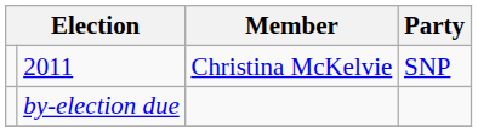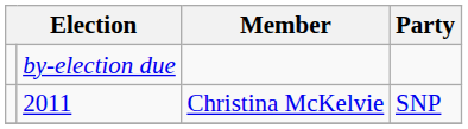 <table class="wikitable">
 <tr>
 <th colspan="2">Election</th>
 <th>Member</th>
 <th>Party</th>
 </tr>
 <tr>
 <td style="background-color: "></td>
+<td><a href='#'><em>by-election due</em></a></td>
+<td></td>
+<td></td>
+</tr>
+<tr>
+<td style="background-color: "></td>
 <td><a href='#'>2011</a></td>
 <td><a href='#'>Christina McKelvie</a></td>
 <td><a href='#'>SNP</a></td>
 </tr>
 <tr>
-<td style="background-color: "></td>
-<td><a href='#'><em>by-election due</em></a></td>
-<td></td>
-<td></td>
-</tr>
-<tr>
 </tr>
 </table>
